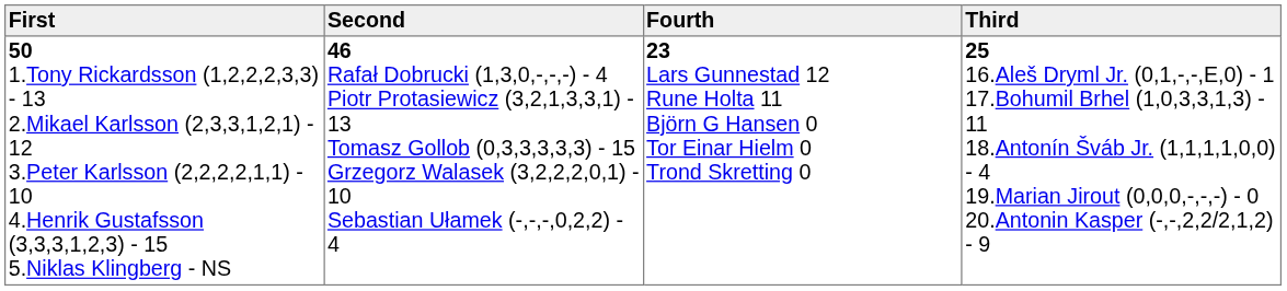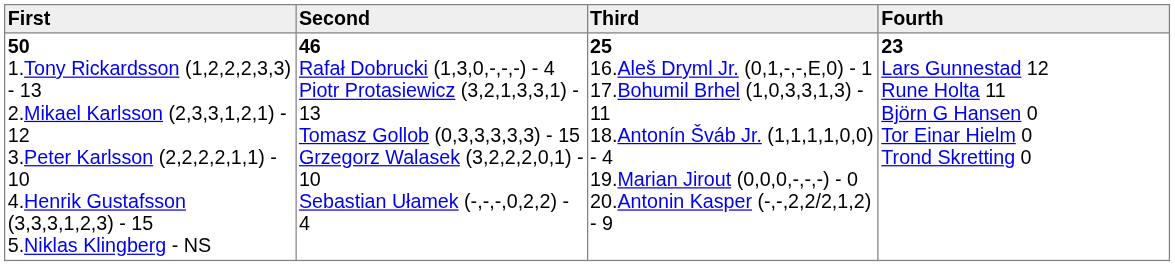 <table border=1 cellpadding=2 cellspacing=0 width=75% style="border-collapse:collapse">
 <tr align=left style="background:#efefef;">
 <th width=20%>First</th>
 <th width=20%>Second</th>
+<th width=20%>Third</th>
 <th width=20%>Fourth</th>
-<th width=20%>Third</th>
 </tr>
 <tr align=left>
 <td valign=top><strong> 50</strong><br>1.<a href='#'>Tony Rickardsson</a> (1,2,2,2,3,3) - 13<br>2.<a href='#'>Mikael Karlsson</a> (2,3,3,1,2,1) - 12<br>3.<a href='#'>Peter Karlsson</a> (2,2,2,2,1,1) - 10<br>4.<a href='#'>Henrik Gustafsson</a> (3,3,3,1,2,3) - 15<br>5.<a href='#'>Niklas Klingberg</a> - NS</td>
 <td valign=top><strong> 46</strong><br><a href='#'>Rafał Dobrucki</a> (1,3,0,-,-,-) - 4<br><a href='#'>Piotr Protasiewicz</a> (3,2,1,3,3,1) - 13<br><a href='#'>Tomasz Gollob</a> (0,3,3,3,3,3) - 15<br><a href='#'>Grzegorz Walasek</a> (3,2,2,2,0,1) - 10<br><a href='#'>Sebastian Ułamek</a> (-,-,-,0,2,2) - 4</td>
+<td valign=top><strong> 25</strong><br>16.<a href='#'>Aleš Dryml Jr.</a> (0,1,-,-,E,0) - 1<br>17.<a href='#'>Bohumil Brhel</a> (1,0,3,3,1,3) - 11<br>18.<a href='#'>Antonín Šváb Jr.</a> (1,1,1,1,0,0) - 4<br>19.<a href='#'>Marian Jirout</a> (0,0,0,-,-,-) - 0<br>20.<a href='#'>Antonin Kasper</a> (-,-,2,2/2,1,2) - 9</td>
 <td valign=top><strong> 23</strong><br><a href='#'>Lars Gunnestad</a> 12<br><a href='#'>Rune Holta</a> 11<br><a href='#'>Björn G Hansen</a> 0<br><a href='#'>Tor Einar Hielm</a> 0<br><a href='#'>Trond Skretting</a> 0</td>
-<td valign=top><strong> 25</strong><br>16.<a href='#'>Aleš Dryml Jr.</a> (0,1,-,-,E,0) - 1<br>17.<a href='#'>Bohumil Brhel</a> (1,0,3,3,1,3) - 11<br>18.<a href='#'>Antonín Šváb Jr.</a> (1,1,1,1,0,0) - 4<br>19.<a href='#'>Marian Jirout</a> (0,0,0,-,-,-) - 0<br>20.<a href='#'>Antonin Kasper</a> (-,-,2,2/2,1,2) - 9</td>
 </tr>
 </table>
